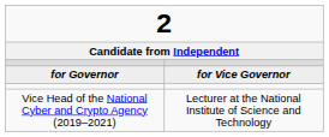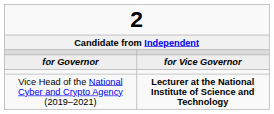 <table class="wikitable" style="font-size:90%; text-align:center;">
 <tr>
 <td colspan=2><big><big><big><big><big><strong>2</strong></big></big></big></big></big></td>
 </tr>
 <tr>
 <td colspan=2 style="background:#f1f1f1;"><strong>Candidate from <a href='#'>Independent</a></strong></td>
 </tr>
 <tr>
 <th style="font-size:135%; background:#DCDCDC;"><strong><a href='#'></a></strong></th>
 <th style="font-size:135%; background:#DCDCDC;"><strong><a href='#'></a></strong></th>
 </tr>
 <tr style="color:#000; background:#EEEEEE;">
 <td style="width:3em; width:200px;"><strong><em>for Governor</em></strong></td>
 <td style="width:3em; width:200px;"><strong><em>for Vice Governor</em></strong></td>
 </tr>
 <tr>
 <td></td>
 <td></td>
 </tr>
 <tr>
 <td>Vice Head of the <a href='#'>National Cyber and Crypto Agency</a> (2019–2021)</td>
-<td>Lecturer at the National Institute of Science and Technology</td>
+<td><strong>Lecturer at the National Institute of Science and Technology</strong></td>
 </tr>
 </table>
